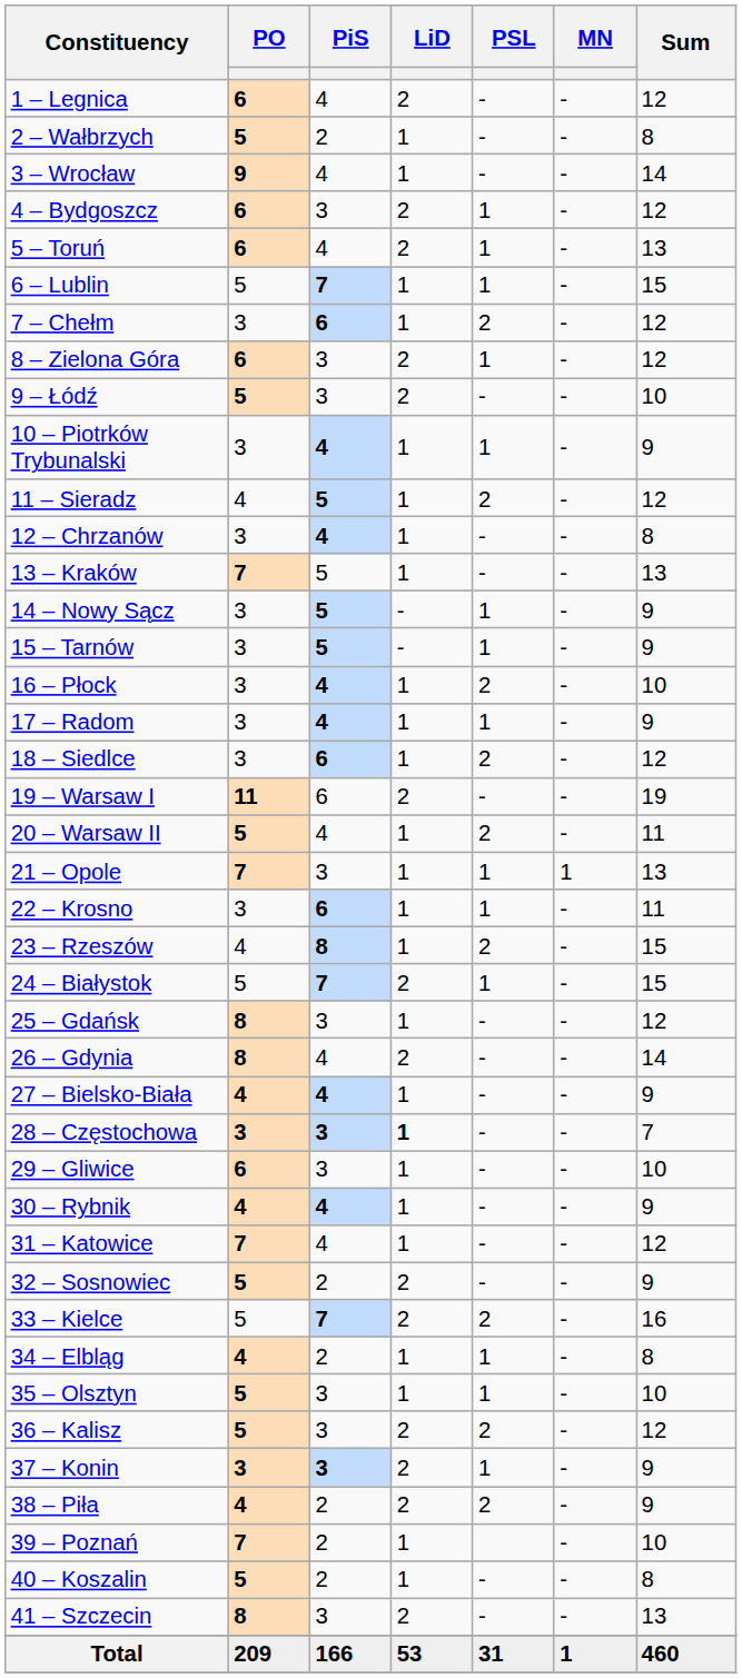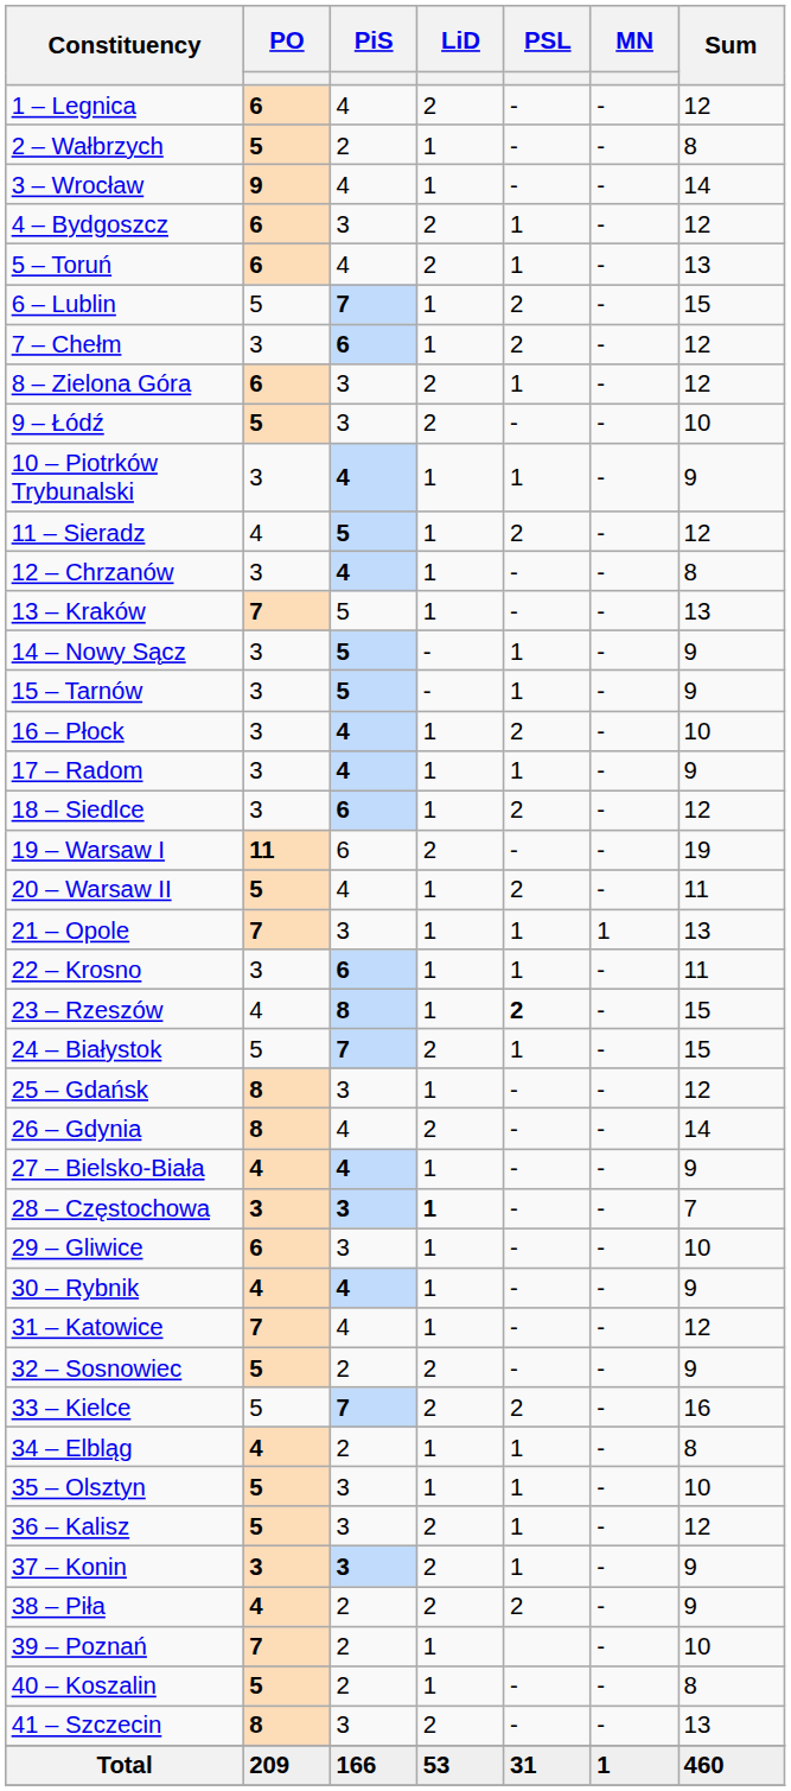 <table class="wikitable sortable collapsible" style="font-size:80%">
 <tr style="height:35px; text-align:center; background-color:#E9E9E9;">
 <th rowspan="2" style="width:120px;">Constituency</th>
 <th style="width:40px;" class="unsortable"><a href='#'><span>PO</span></a></th>
 <th style="width:40px;" class="unsortable"><a href='#'><span>PiS</span></a></th>
 <th style="width:40px;" class="unsortable"><a href='#'><span>LiD</span></a></th>
 <th style="width:40px;" class="unsortable"><a href='#'><span>PSL</span></a></th>
 <th style="width:40px;" class="unsortable"><a href='#'><span>MN</span></a></th>
 <th rowspan="2" style="width:50px;">Sum</th>
 </tr>
 <tr>
 <th data-sort-type="number" style="height:1px; background:"></th>
 <th data-sort-type="number" style="height:1px; background:"></th>
 <th data-sort-type="number" style="height:1px; background:"></th>
 <th data-sort-type="number" style="height:1px; background:"></th>
 <th data-sort-type="number" style="height:1px; background:"></th>
 </tr>
 <tr>
 <td><a href='#'>1 – Legnica</a></td>
 <td style="font-weight:bold; background:#FDDCB8">6</td>
 <td>4</td>
 <td>2</td>
 <td>-</td>
 <td>-</td>
 <td>12</td>
 </tr>
 <tr>
 <td><a href='#'>2 – Wałbrzych</a></td>
 <td style="font-weight:bold; background:#FDDCB8">5</td>
 <td>2</td>
 <td>1</td>
 <td>-</td>
 <td>-</td>
 <td>8</td>
 </tr>
 <tr>
 <td><a href='#'>3 – Wrocław</a></td>
 <td style="font-weight:bold; background:#FDDCB8">9</td>
 <td>4</td>
 <td>1</td>
 <td>-</td>
 <td>-</td>
 <td>14</td>
 </tr>
 <tr>
 <td><a href='#'>4 – Bydgoszcz</a></td>
 <td style="font-weight:bold; background:#FDDCB8">6</td>
 <td>3</td>
 <td>2</td>
 <td>1</td>
 <td>-</td>
 <td>12</td>
 </tr>
 <tr>
 <td><a href='#'>5 – Toruń</a></td>
 <td style="font-weight:bold; background:#FDDCB8">6</td>
 <td>4</td>
 <td>2</td>
 <td>1</td>
 <td>-</td>
 <td>13</td>
 </tr>
 <tr>
 <td><a href='#'>6 – Lublin</a></td>
 <td>5</td>
 <td style="font-weight:bold; background:#C0DBFC">7</td>
 <td>1</td>
-<td>1</td>
+<td>2</td>
 <td>-</td>
 <td>15</td>
 </tr>
 <tr>
 <td><a href='#'>7 – Chełm</a></td>
 <td>3</td>
 <td style="font-weight:bold; background:#C0DBFC">6</td>
 <td>1</td>
 <td>2</td>
 <td>-</td>
 <td>12</td>
 </tr>
 <tr>
 <td><a href='#'>8 – Zielona Góra</a></td>
 <td style="font-weight:bold; background:#FDDCB8">6</td>
 <td>3</td>
 <td>2</td>
 <td>1</td>
 <td>-</td>
 <td>12</td>
 </tr>
 <tr>
 <td><a href='#'>9 – Łódź</a></td>
 <td style="font-weight:bold; background:#FDDCB8">5</td>
 <td>3</td>
 <td>2</td>
 <td>-</td>
 <td>-</td>
 <td>10</td>
 </tr>
 <tr>
 <td><a href='#'>10 – Piotrków Trybunalski</a></td>
 <td>3</td>
 <td style="font-weight:bold; background:#C0DBFC">4</td>
 <td>1</td>
 <td>1</td>
 <td>-</td>
 <td>9</td>
 </tr>
 <tr>
 <td><a href='#'>11 – Sieradz</a></td>
 <td>4</td>
 <td style="font-weight:bold; background:#C0DBFC">5</td>
 <td>1</td>
 <td>2</td>
 <td>-</td>
 <td>12</td>
 </tr>
 <tr>
 <td><a href='#'>12 – Chrzanów</a></td>
 <td>3</td>
 <td style="font-weight:bold; background:#C0DBFC">4</td>
 <td>1</td>
 <td>-</td>
 <td>-</td>
 <td>8</td>
 </tr>
 <tr>
 <td><a href='#'>13 – Kraków</a></td>
 <td style="font-weight:bold; background:#FDDCB8">7</td>
 <td>5</td>
 <td>1</td>
 <td>-</td>
 <td>-</td>
 <td>13</td>
 </tr>
 <tr>
 <td><a href='#'>14 – Nowy Sącz</a></td>
 <td>3</td>
 <td style="font-weight:bold; background:#C0DBFC">5</td>
 <td>-</td>
 <td>1</td>
 <td>-</td>
 <td>9</td>
 </tr>
 <tr>
 <td><a href='#'>15 – Tarnów</a></td>
 <td>3</td>
 <td style="font-weight:bold; background:#C0DBFC">5</td>
 <td>-</td>
 <td>1</td>
 <td>-</td>
 <td>9</td>
 </tr>
 <tr>
 <td><a href='#'>16 – Płock</a></td>
 <td>3</td>
 <td style="font-weight:bold; background:#C0DBFC">4</td>
 <td>1</td>
 <td>2</td>
 <td>-</td>
 <td>10</td>
 </tr>
 <tr>
 <td><a href='#'>17 – Radom</a></td>
 <td>3</td>
 <td style="font-weight:bold; background:#C0DBFC">4</td>
 <td>1</td>
 <td>1</td>
 <td>-</td>
 <td>9</td>
 </tr>
 <tr>
 <td><a href='#'>18 – Siedlce</a></td>
 <td>3</td>
 <td style="font-weight:bold; background:#C0DBFC">6</td>
 <td>1</td>
 <td>2</td>
 <td>-</td>
 <td>12</td>
 </tr>
 <tr>
 <td><a href='#'>19 – Warsaw I</a></td>
 <td style="font-weight:bold; background:#FDDCB8">11</td>
 <td>6</td>
 <td>2</td>
 <td>-</td>
 <td>-</td>
 <td>19</td>
 </tr>
 <tr>
 <td><a href='#'>20 – Warsaw II</a></td>
 <td style="font-weight:bold; background:#FDDCB8">5</td>
 <td>4</td>
 <td>1</td>
 <td>2</td>
 <td>-</td>
 <td>11</td>
 </tr>
 <tr>
 <td><a href='#'>21 – Opole</a></td>
 <td style="font-weight:bold; background:#FDDCB8">7</td>
 <td>3</td>
 <td>1</td>
 <td>1</td>
 <td>1</td>
 <td>13</td>
 </tr>
 <tr>
 <td><a href='#'>22 – Krosno</a></td>
 <td>3</td>
 <td style="font-weight:bold; background:#C0DBFC">6</td>
 <td>1</td>
 <td>1</td>
 <td>-</td>
 <td>11</td>
 </tr>
 <tr>
 <td><a href='#'>23 – Rzeszów</a></td>
 <td>4</td>
 <td style="font-weight:bold; background:#C0DBFC">8</td>
 <td>1</td>
-<td>2</td>
+<td><strong>2</strong></td>
 <td>-</td>
 <td>15</td>
 </tr>
 <tr>
 <td><a href='#'>24 – Białystok</a></td>
 <td>5</td>
 <td style="font-weight:bold; background:#C0DBFC">7</td>
 <td>2</td>
 <td>1</td>
 <td>-</td>
 <td>15</td>
 </tr>
 <tr>
 <td><a href='#'>25 – Gdańsk</a></td>
 <td style="font-weight:bold; background:#FDDCB8">8</td>
 <td>3</td>
 <td>1</td>
 <td>-</td>
 <td>-</td>
 <td>12</td>
 </tr>
 <tr>
 <td><a href='#'>26 – Gdynia</a></td>
 <td style="font-weight:bold; background:#FDDCB8">8</td>
 <td>4</td>
 <td>2</td>
 <td>-</td>
 <td>-</td>
 <td>14</td>
 </tr>
 <tr>
 <td><a href='#'>27 – Bielsko-Biała</a></td>
 <td style="font-weight:bold; background:#FDDCB8">4</td>
 <td style="font-weight:bold; background:#C0DBFC">4</td>
 <td>1</td>
 <td>-</td>
 <td>-</td>
 <td>9</td>
 </tr>
 <tr>
 <td><a href='#'>28 – Częstochowa</a></td>
 <td style="font-weight:bold; background:#FDDCB8">3</td>
 <td style="font-weight:bold; background:#C0DBFC">3</td>
 <td><strong>1</strong></td>
 <td>-</td>
 <td>-</td>
 <td>7</td>
 </tr>
 <tr>
 <td><a href='#'>29 – Gliwice</a></td>
 <td style="font-weight:bold; background:#FDDCB8">6</td>
 <td>3</td>
 <td>1</td>
 <td>-</td>
 <td>-</td>
 <td>10</td>
 </tr>
 <tr>
 <td><a href='#'>30 – Rybnik</a></td>
 <td style="font-weight:bold; background:#FDDCB8">4</td>
 <td style="font-weight:bold; background:#C0DBFC">4</td>
 <td>1</td>
 <td>-</td>
 <td>-</td>
 <td>9</td>
 </tr>
 <tr>
 <td><a href='#'>31 – Katowice</a></td>
 <td style="font-weight:bold; background:#FDDCB8">7</td>
 <td>4</td>
 <td>1</td>
 <td>-</td>
 <td>-</td>
 <td>12</td>
 </tr>
 <tr>
 <td><a href='#'>32 – Sosnowiec</a></td>
 <td style="font-weight:bold; background:#FDDCB8">5</td>
 <td>2</td>
 <td>2</td>
 <td>-</td>
 <td>-</td>
 <td>9</td>
 </tr>
 <tr>
 <td><a href='#'>33 – Kielce</a></td>
 <td>5</td>
 <td style="font-weight:bold; background:#C0DBFC">7</td>
 <td>2</td>
 <td>2</td>
 <td>-</td>
 <td>16</td>
 </tr>
 <tr>
 <td><a href='#'>34 – Elbląg</a></td>
 <td style="font-weight:bold; background:#FDDCB8">4</td>
 <td>2</td>
 <td>1</td>
 <td>1</td>
 <td>-</td>
 <td>8</td>
 </tr>
 <tr>
 <td><a href='#'>35 – Olsztyn</a></td>
 <td style="font-weight:bold; background:#FDDCB8">5</td>
 <td>3</td>
 <td>1</td>
 <td>1</td>
 <td>-</td>
 <td>10</td>
 </tr>
 <tr>
 <td><a href='#'>36 – Kalisz</a></td>
 <td style="font-weight:bold; background:#FDDCB8">5</td>
 <td>3</td>
 <td>2</td>
-<td>2</td>
+<td>1</td>
 <td>-</td>
 <td>12</td>
 </tr>
 <tr>
 <td><a href='#'>37 – Konin</a></td>
 <td style="font-weight:bold; background:#FDDCB8">3</td>
 <td style="font-weight:bold; background:#C0DBFC">3</td>
 <td>2</td>
 <td>1</td>
 <td>-</td>
 <td>9</td>
 </tr>
 <tr>
 <td><a href='#'>38 – Piła</a></td>
 <td style="font-weight:bold; background:#FDDCB8">4</td>
 <td>2</td>
 <td>2</td>
 <td>2</td>
 <td>-</td>
 <td>9</td>
 </tr>
 <tr>
 <td><a href='#'>39 – Poznań</a></td>
 <td style="font-weight:bold; background:#FDDCB8">7</td>
 <td>2</td>
 <td>1</td>
 <td></td>
 <td>-</td>
 <td>10</td>
 </tr>
 <tr>
 <td><a href='#'>40 – Koszalin</a></td>
 <td style="font-weight:bold; background:#FDDCB8">5</td>
 <td>2</td>
 <td>1</td>
 <td>-</td>
 <td>-</td>
 <td>8</td>
 </tr>
 <tr>
 <td><a href='#'>41 – Szczecin</a></td>
 <td style="font-weight:bold; background:#FDDCB8">8</td>
 <td>3</td>
 <td>2</td>
 <td>-</td>
 <td>-</td>
 <td>13</td>
 </tr>
 <tr>
 </tr>
 <tr style="background:#EFEFEF; font-weight:bold;">
 <th allign=center>Total</th>
 <td>209</td>
 <td>166</td>
 <td>53</td>
 <td>31</td>
 <td>1</td>
 <td>460</td>
 </tr>
 <tr>
 </tr>
 </table>
